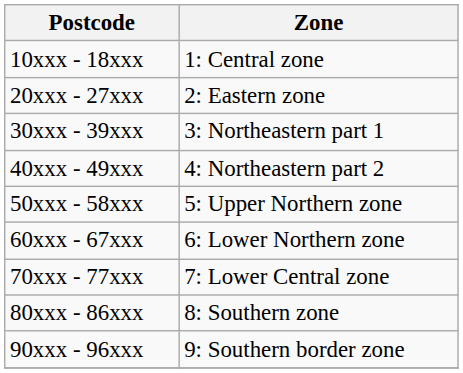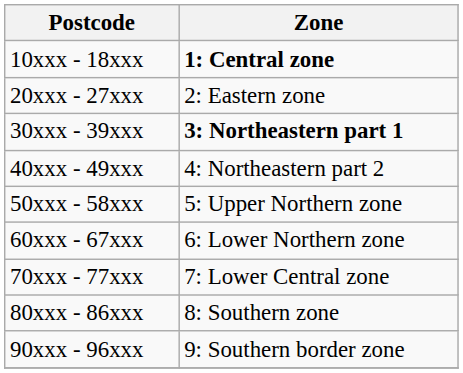 <table class= "wikitable" style="width:36%; right">
 <tr>
 <th>Postcode</th>
 <th>Zone</th>
 </tr>
 <tr>
 <td style= "text-align:left;">10xxx - 18xxx</td>
-<td style= "text-align:left;">1: Central zone</td>
+<td style= "text-align:left;"><strong>1: Central zone</strong></td>
 </tr>
 <tr>
 <td style= "text-align:left;">20xxx - 27xxx</td>
 <td style= "text-align:left;">2: Eastern zone</td>
 </tr>
 <tr>
 <td style= "text-align:left;">30xxx - 39xxx</td>
-<td style= "text-align:left;">3: Northeastern part 1</td>
+<td style= "text-align:left;"><strong>3: Northeastern part 1</strong></td>
 </tr>
 <tr>
 <td style= "text-align:left;">40xxx - 49xxx</td>
 <td style= "text-align:left;">4: Northeastern part 2</td>
 </tr>
 <tr>
 <td style= "text-align:left;">50xxx - 58xxx</td>
 <td style= "text-align:left;">5: Upper Northern zone</td>
 </tr>
 <tr>
 <td style= "text-align:left;">60xxx - 67xxx</td>
 <td style= "text-align:left;">6: Lower Northern zone</td>
 </tr>
 <tr>
 <td style= "text-align:left;">70xxx - 77xxx</td>
 <td style= "text-align:left;">7: Lower Central zone</td>
 </tr>
 <tr>
 <td style= "text-align:left;">80xxx - 86xxx</td>
 <td style= "text-align:left;">8: Southern zone</td>
 </tr>
 <tr>
 <td style= "text-align:left;">90xxx - 96xxx</td>
 <td style= "text-align:left;">9: Southern border zone</td>
 </tr>
 <tr>
 </tr>
 </table>
